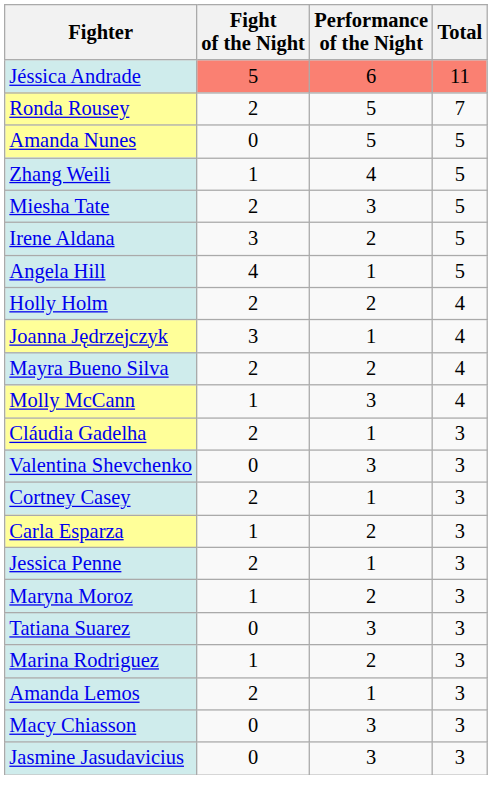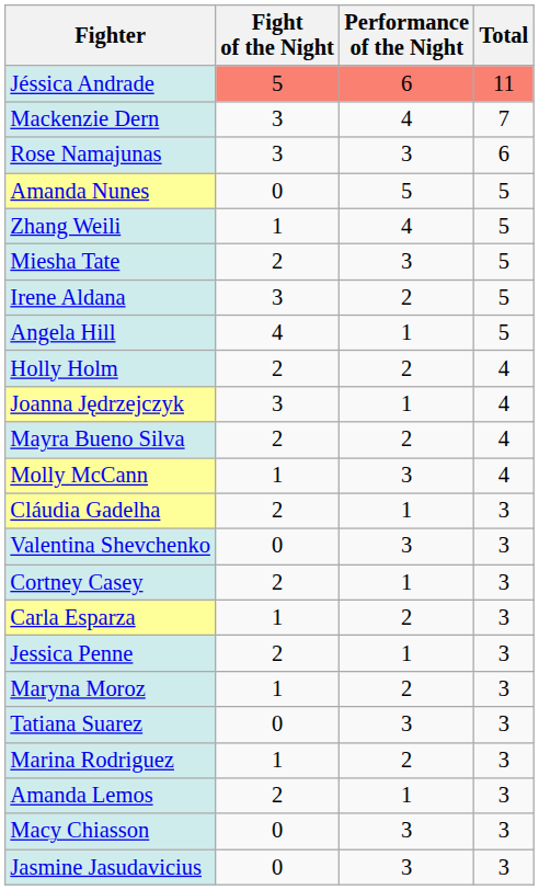 <table class="wikitable sortable" style="text-align:center">
 <tr>
 <th>Fighter</th>
 <th>Fight<br>of the Night</th>
 <th>Performance<br>of the Night</th>
 <th>Total</th>
 </tr>
 <tr>
 <td style="text-align:left; background:#CFECEC"><a href='#'>Jéssica Andrade</a></td>
 <td style=background:#FA8072>5</td>
 <td style=background:#FA8072>6</td>
 <td style=background:#FA8072>11</td>
 </tr>
 <tr>
-<td style="text-align:left; background:#FFFF99"><a href='#'>Ronda Rousey</a></td>
-<td>2</td>
-<td>5</td>
+<td style="text-align:left; background:#CFECEC"><a href='#'>Mackenzie Dern</a></td>
+<td>3</td>
+<td>4</td>
 <td>7</td>
+</tr>
+<tr>
+<td style="text-align:left; background:#CFECEC"><a href='#'>Rose Namajunas</a></td>
+<td>3</td>
+<td>3</td>
+<td>6</td>
 </tr>
 <tr>
 <td style="text-align:left; background:#FFFF99"><a href='#'>Amanda Nunes</a></td>
 <td>0</td>
 <td>5</td>
 <td>5</td>
 </tr>
 <tr>
 <td style="text-align:left; background:#CFECEC"><a href='#'>Zhang Weili</a></td>
 <td>1</td>
 <td>4</td>
 <td>5</td>
 </tr>
 <tr>
 <td style="text-align:left; background:#CFECEC"><a href='#'>Miesha Tate</a></td>
 <td>2</td>
 <td>3</td>
 <td>5</td>
 </tr>
 <tr>
 <td style="text-align:left; background:#CFECEC"><a href='#'>Irene Aldana</a></td>
 <td>3</td>
 <td>2</td>
 <td>5</td>
 </tr>
 <tr>
 <td style="text-align:left; background:#CFECEC"><a href='#'>Angela Hill</a></td>
 <td>4</td>
 <td>1</td>
 <td>5</td>
 </tr>
 <tr>
 <td style="text-align:left; background:#CFECEC"><a href='#'>Holly Holm</a></td>
 <td>2</td>
 <td>2</td>
 <td>4</td>
 </tr>
 <tr>
 <td style="text-align:left; background:#FFFF99"><a href='#'>Joanna Jędrzejczyk</a></td>
 <td>3</td>
 <td>1</td>
 <td>4</td>
 </tr>
 <tr>
 <td style="text-align:left; background:#CFECEC"><a href='#'>Mayra Bueno Silva</a></td>
 <td>2</td>
 <td>2</td>
 <td>4</td>
 </tr>
 <tr>
 <td style="text-align:left; background:#FFFF99"><a href='#'>Molly McCann</a></td>
 <td>1</td>
 <td>3</td>
 <td>4</td>
 </tr>
 <tr>
 <td style="text-align:left; background:#FFFF99"><a href='#'>Cláudia Gadelha</a></td>
 <td>2</td>
 <td>1</td>
 <td>3</td>
 </tr>
 <tr>
 <td style="text-align:left; background:#CFECEC"><a href='#'>Valentina Shevchenko</a></td>
 <td>0</td>
 <td>3</td>
 <td>3</td>
 </tr>
 <tr>
 <td style="text-align:left; background:#CFECEC"><a href='#'>Cortney Casey</a></td>
 <td>2</td>
 <td>1</td>
 <td>3</td>
 </tr>
 <tr>
 <td style="text-align:left; background:#FFFF99"><a href='#'>Carla Esparza</a></td>
 <td>1</td>
 <td>2</td>
 <td>3</td>
 </tr>
 <tr>
 <td style="text-align:left; background:#CFECEC"><a href='#'>Jessica Penne</a></td>
 <td>2</td>
 <td>1</td>
 <td>3</td>
 </tr>
 <tr>
 <td style="text-align:left; background:#CFECEC"><a href='#'>Maryna Moroz</a></td>
 <td>1</td>
 <td>2</td>
 <td>3</td>
 </tr>
 <tr>
 <td style="text-align:left; background:#CFECEC"><a href='#'>Tatiana Suarez</a></td>
 <td>0</td>
 <td>3</td>
 <td>3</td>
 </tr>
 <tr>
 <td style="text-align:left; background:#CFECEC"><a href='#'>Marina Rodriguez</a></td>
 <td>1</td>
 <td>2</td>
 <td>3</td>
 </tr>
 <tr>
 <td style="text-align:left; background:#CFECEC"><a href='#'>Amanda Lemos</a></td>
 <td>2</td>
 <td>1</td>
 <td>3</td>
 </tr>
 <tr>
 <td style="text-align:left; background:#CFECEC"><a href='#'>Macy Chiasson</a></td>
 <td>0</td>
 <td>3</td>
 <td>3</td>
 </tr>
 <tr>
 <td style="text-align:left; background:#CFECEC"><a href='#'>Jasmine Jasudavicius</a></td>
 <td>0</td>
 <td>3</td>
 <td>3</td>
 </tr>
 </table>
